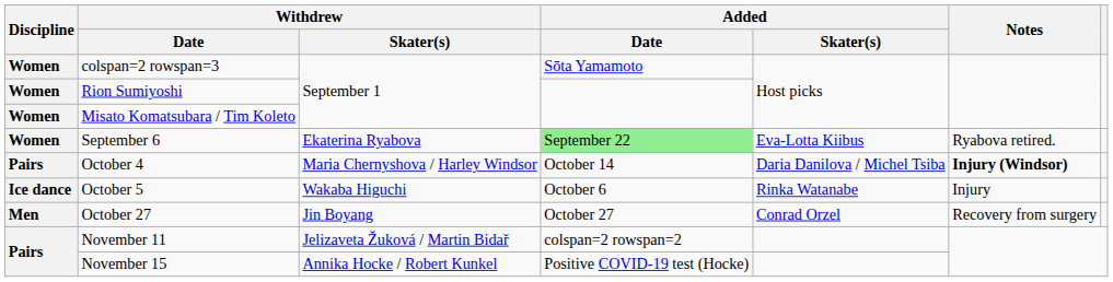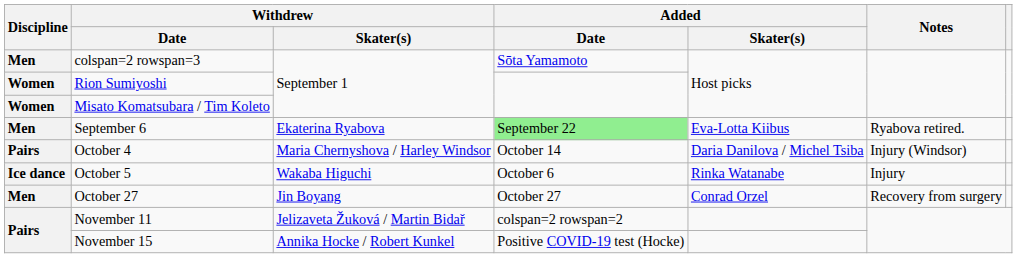 <table class="wikitable unsortable">
 <tr>
 <th scope="col" rowspan=2>Discipline</th>
 <th scope="col" colspan=2>Withdrew</th>
 <th scope="col" colspan=2>Added</th>
 <th scope="col" rowspan=2>Notes</th>
 <th scope="col" rowspan=2></th>
 </tr>
 <tr>
 <th>Date</th>
 <th>Skater(s)</th>
 <th>Date</th>
 <th>Skater(s)</th>
 </tr>
 <tr>
-<th scope="row" style="text-align:left">Women</th>
+<th scope="row" style="text-align:left">Men</th>
 <td>colspan=2 rowspan=3 </td>
 <td rowspan=3>September 1</td>
 <td> <a href='#'>Sōta Yamamoto</a></td>
 <td rowspan=3>Host picks</td>
 <td rowspan=3></td>
 </tr>
 <tr>
 <th scope="row" style="text-align:left">Women</th>
 <td> <a href='#'>Rion Sumiyoshi</a></td>
 </tr>
 <tr>
 <th scope="row" style="text-align:left">Women</th>
 <td> <a href='#'>Misato Komatsubara</a> / <a href='#'>Tim Koleto</a></td>
 </tr>
 <tr>
-<th scope="row" style="text-align:left">Women</th>
+<th scope="row" style="text-align:left">Men</th>
 <td>September 6</td>
 <td> <a href='#'>Ekaterina Ryabova</a></td>
 <td style="background: lightgreen;">September 22</td>
 <td> <a href='#'>Eva-Lotta Kiibus</a></td>
 <td>Ryabova retired.</td>
 <td></td>
 </tr>
 <tr>
 <th scope="row" style="text-align:left">Pairs</th>
 <td>October 4</td>
 <td> <a href='#'>Maria Chernyshova</a> / <a href='#'>Harley Windsor</a></td>
 <td>October 14</td>
 <td> <a href='#'>Daria Danilova</a> / <a href='#'>Michel Tsiba</a></td>
-<td><strong>Injury (Windsor)</strong></td>
+<td>Injury (Windsor)</td>
 <td></td>
 </tr>
 <tr>
 <th scope="row" style="text-align:left">Ice dance</th>
 <td>October 5</td>
 <td> <a href='#'>Wakaba Higuchi</a></td>
 <td>October 6</td>
 <td> <a href='#'>Rinka Watanabe</a></td>
 <td>Injury</td>
 <td></td>
 </tr>
 <tr>
 <th scope="row" style="text-align:left">Men</th>
 <td>October 27</td>
 <td> <a href='#'>Jin Boyang</a></td>
 <td>October 27</td>
 <td> <a href='#'>Conrad Orzel</a></td>
 <td>Recovery from surgery</td>
 <td></td>
 </tr>
 <tr>
 <th scope="row" style="text-align:left" rowspan=2>Pairs</th>
 <td>November 11</td>
 <td> <a href='#'>Jelizaveta Žuková</a> / <a href='#'>Martin Bidař</a></td>
 <td>colspan=2 rowspan=2 </td>
 <td></td>
 </tr>
 <tr>
 <td>November 15</td>
 <td> <a href='#'>Annika Hocke</a> / <a href='#'>Robert Kunkel</a></td>
 <td>Positive <a href='#'>COVID-19</a> test (Hocke)</td>
 <td></td>
 </tr>
 </table>
